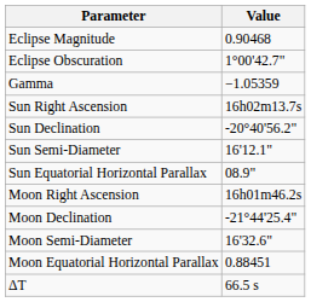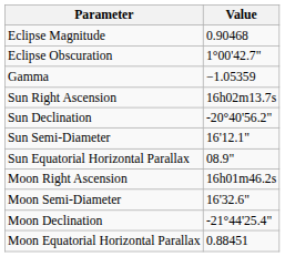 <table class="wikitable">
 <tr>
 <th>Parameter</th>
 <th>Value</th>
 </tr>
 <tr>
 <td>Eclipse Magnitude</td>
 <td>0.90468</td>
 </tr>
 <tr>
 <td>Eclipse Obscuration</td>
 <td>1°00'42.7"</td>
 </tr>
 <tr>
 <td>Gamma</td>
 <td>−1.05359</td>
 </tr>
 <tr>
 <td>Sun Right Ascension</td>
 <td>16h02m13.7s</td>
 </tr>
 <tr>
 <td>Sun Declination</td>
 <td>-20°40'56.2"</td>
 </tr>
 <tr>
 <td>Sun Semi-Diameter</td>
 <td>16'12.1"</td>
 </tr>
 <tr>
 <td>Sun Equatorial Horizontal Parallax</td>
 <td>08.9"</td>
 </tr>
 <tr>
 <td>Moon Right Ascension</td>
 <td>16h01m46.2s</td>
 </tr>
 <tr>
+<td>Moon Semi-Diameter</td>
+<td>16'32.6"</td>
+</tr>
+<tr>
 <td>Moon Declination</td>
 <td>-21°44'25.4"</td>
-</tr>
-<tr>
-<td>Moon Semi-Diameter</td>
-<td>16'32.6"</td>
 </tr>
 <tr>
 <td>Moon Equatorial Horizontal Parallax</td>
 <td>0.88451</td>
 </tr>
-<tr>
-<td>ΔT</td>
-<td>66.5 s</td>
-</tr>
 </table>
